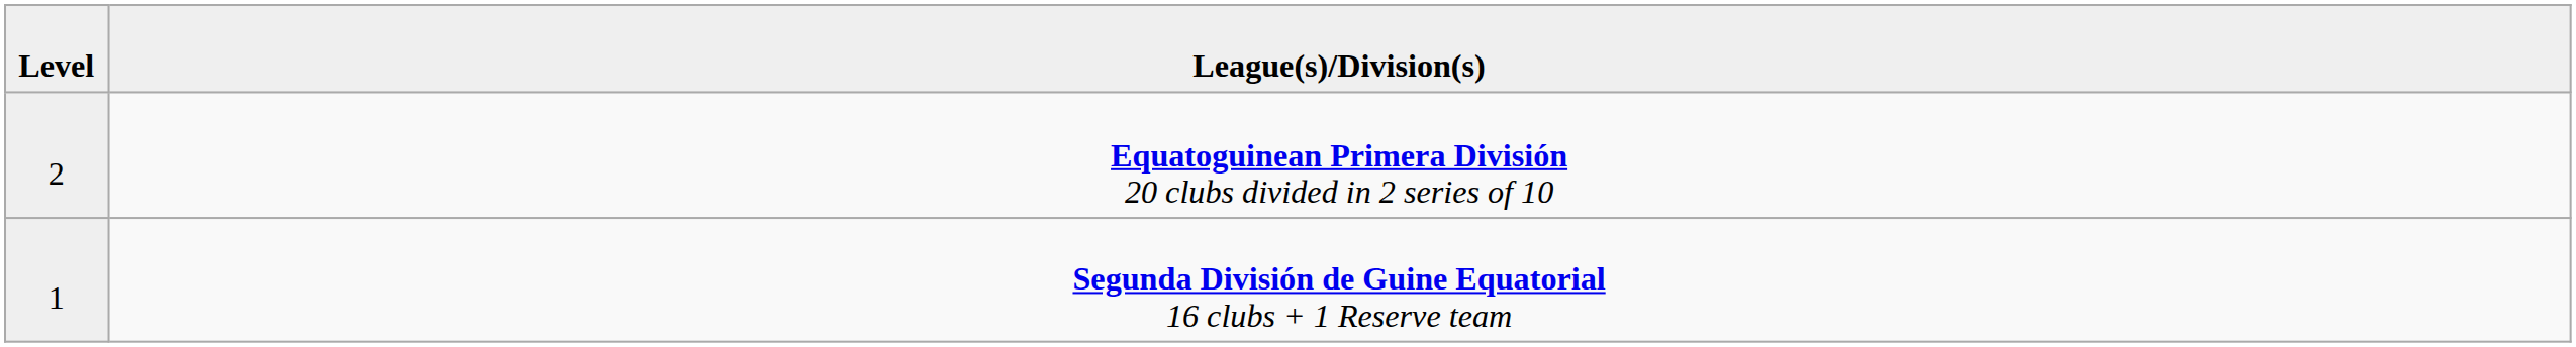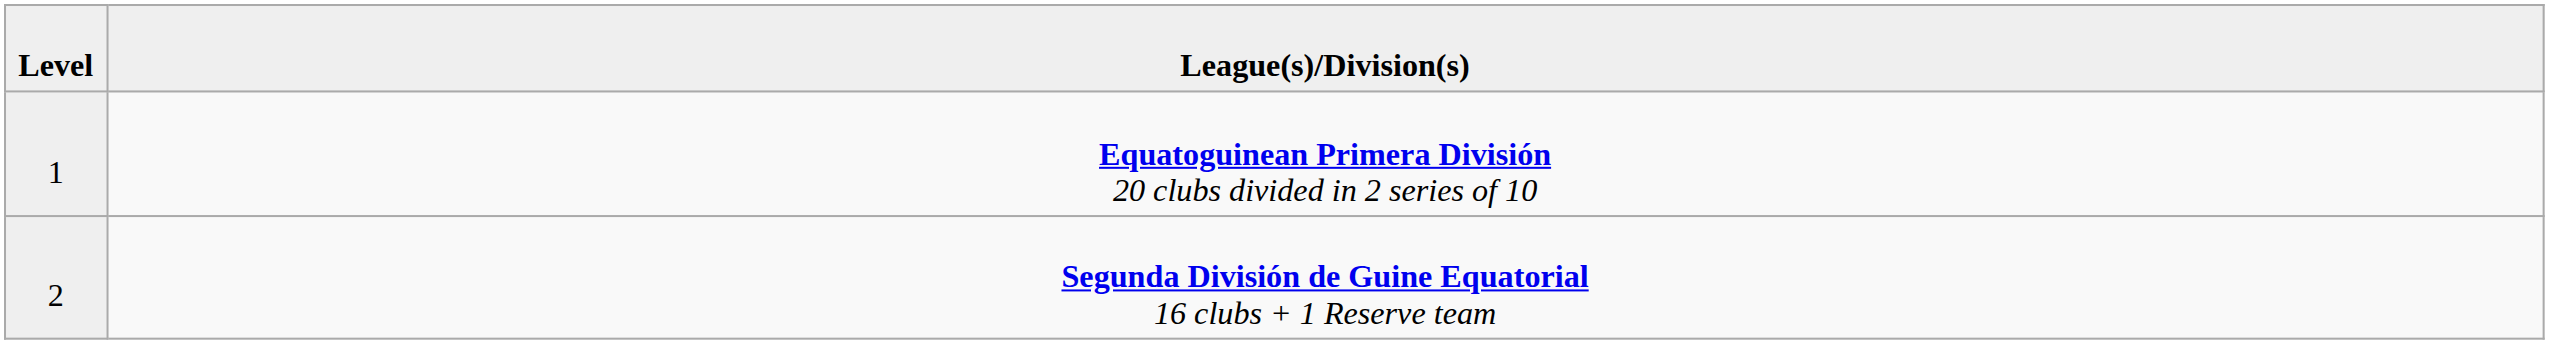 <table class="wikitable" style="text-align:center; width:100%;">
 <tr style="background:#efefef;">
 <td style="width:4%; text-align:center;"><br><strong>Level</strong></td>
 <td colspan="12"  style="width:96%; text-align:center;"><br><strong>League(s)/Division(s)</strong></td>
 </tr>
 <tr>
-<td style="text-align:center; width:4%; background:#efefef;"><br>2</td>
+<td style="text-align:center; width:4%; background:#efefef;"><br>1</td>
 <td colspan="12"  style="width:96%; text-align:center;"><br><strong><a href='#'>Equatoguinean Primera División</a></strong><br> <em>20 clubs divided in 2 series of 10</em><br></td>
 </tr>
 <tr>
-<td style="text-align:center; width:4%; background:#efefef;"><br>1</td>
+<td style="text-align:center; width:4%; background:#efefef;"><br>2</td>
 <td colspan="12"  style="width:96%; text-align:center;"><br><strong><a href='#'>Segunda División de Guine Equatorial</a></strong><br> <em>16 clubs + 1 Reserve team</em><br></td>
 </tr>
 </table>
